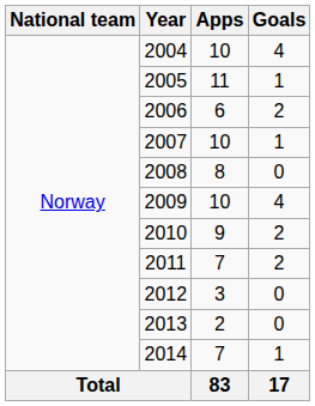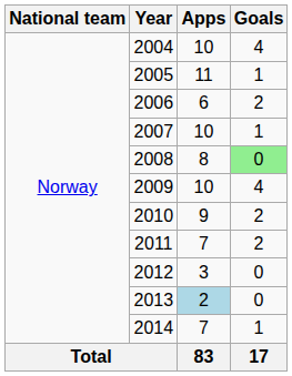 <table class="wikitable" style="text-align:center">
 <tr>
 <th>National team</th>
 <th>Year</th>
 <th>Apps</th>
 <th>Goals</th>
 </tr>
 <tr>
 <td rowspan="11"><a href='#'>Norway</a></td>
 <td>2004</td>
 <td>10</td>
 <td>4</td>
 </tr>
 <tr>
 <td>2005</td>
 <td>11</td>
 <td>1</td>
 </tr>
 <tr>
 <td>2006</td>
 <td>6</td>
 <td>2</td>
 </tr>
 <tr>
 <td>2007</td>
 <td>10</td>
 <td>1</td>
 </tr>
 <tr>
 <td>2008</td>
 <td>8</td>
-<td>0</td>
+<td style="background: lightgreen;">0</td>
 </tr>
 <tr>
 <td>2009</td>
 <td>10</td>
 <td>4</td>
 </tr>
 <tr>
 <td>2010</td>
 <td>9</td>
 <td>2</td>
 </tr>
 <tr ,>
 <td>2011</td>
 <td>7</td>
 <td>2</td>
 </tr>
 <tr>
 <td>2012</td>
 <td>3</td>
 <td>0</td>
 </tr>
 <tr>
 <td>2013</td>
-<td>2</td>
+<td style="background: lightblue;">2</td>
 <td>0</td>
 </tr>
 <tr>
 <td>2014</td>
 <td>7</td>
 <td>1</td>
 </tr>
 <tr>
 <th colspan="2">Total</th>
 <th>83</th>
 <th>17</th>
 </tr>
 </table>
